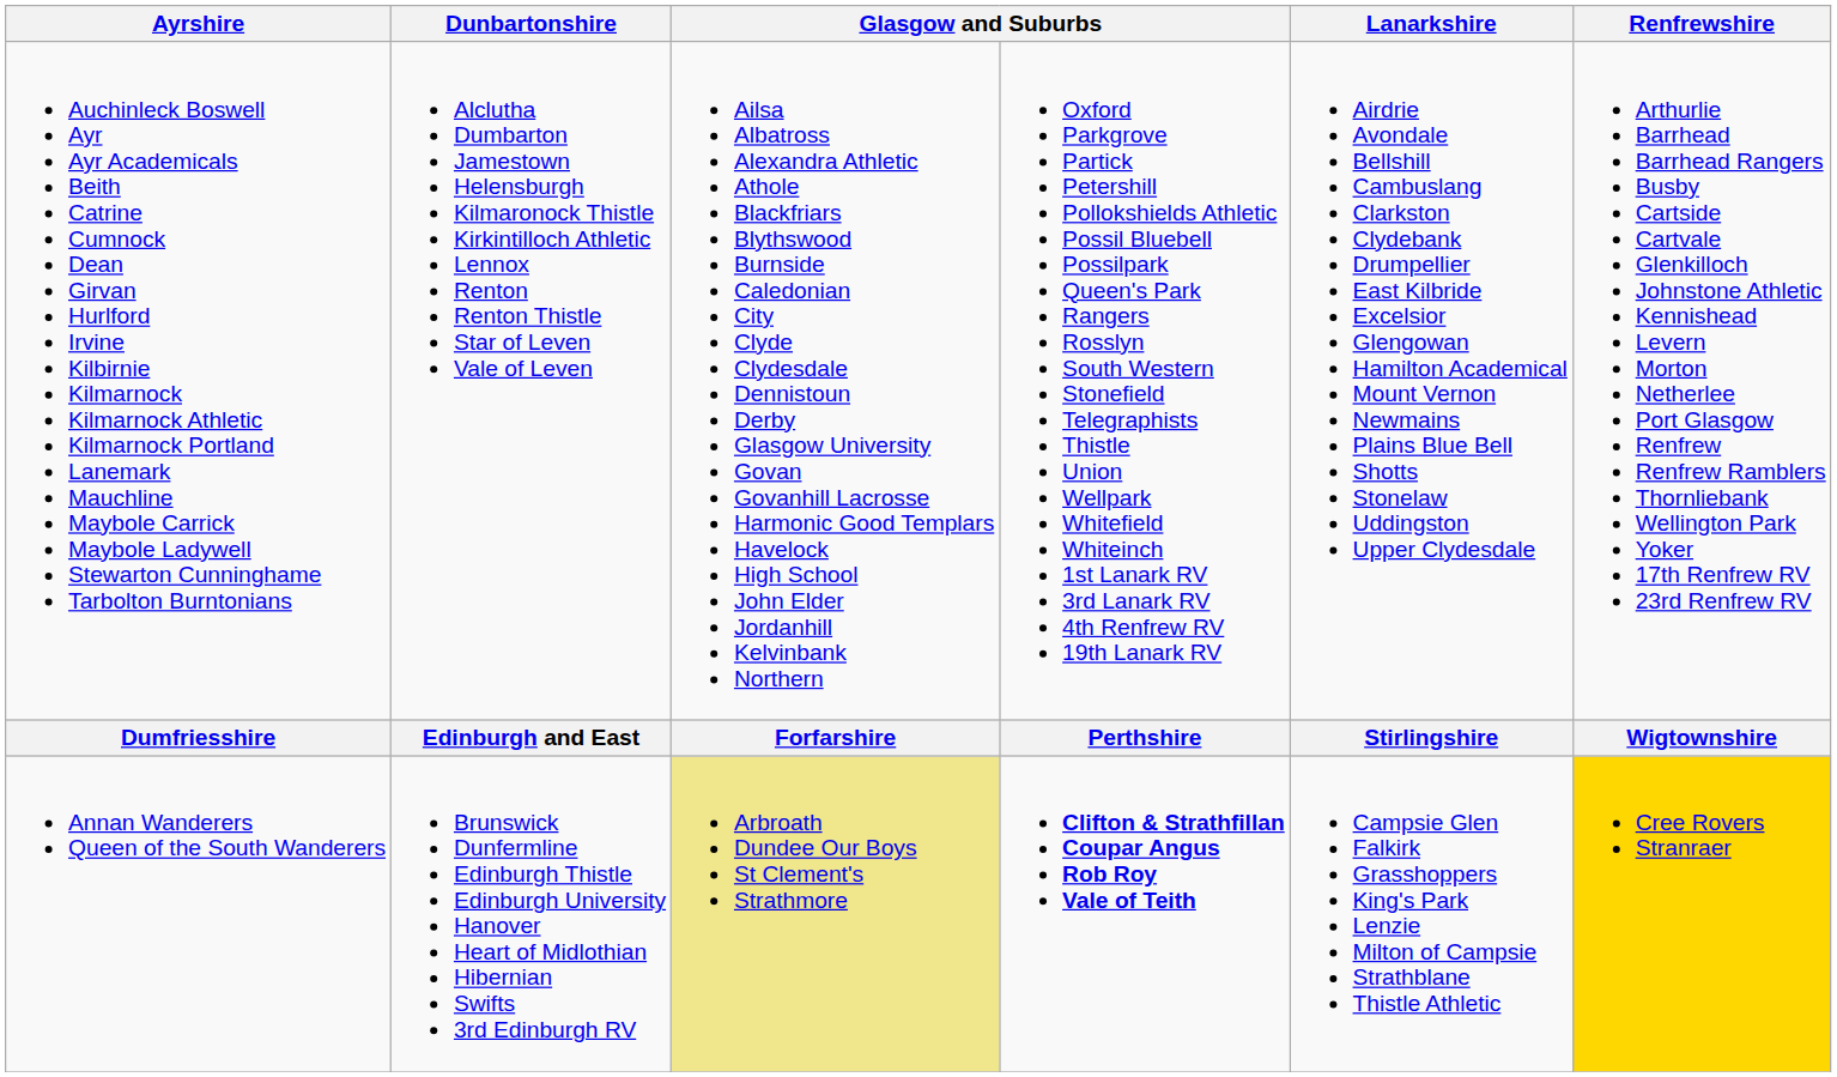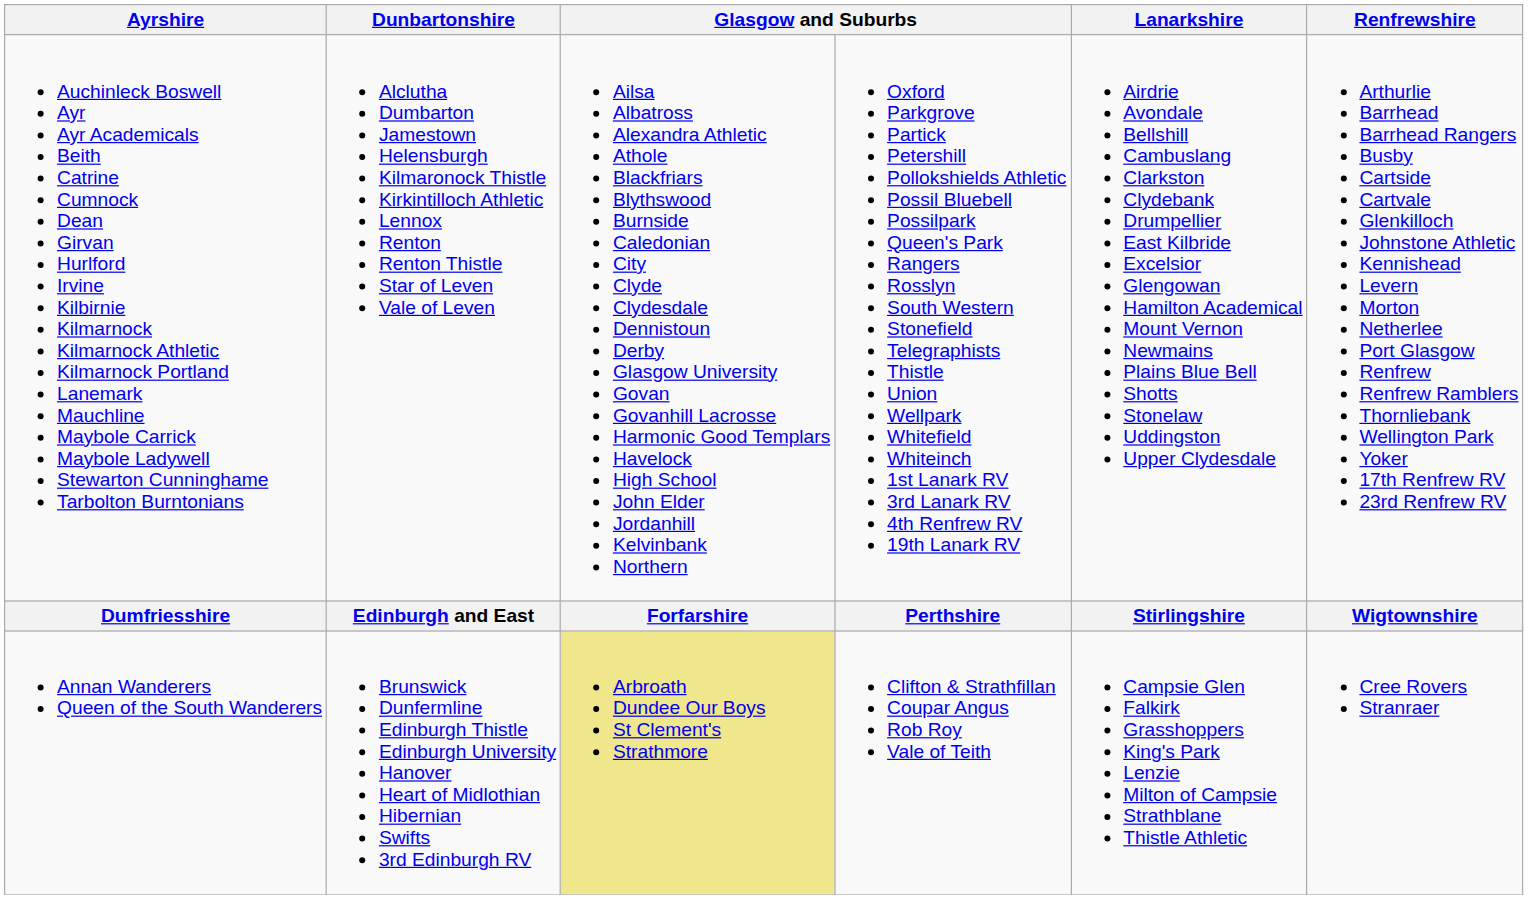 <table class="wikitable" style="text-align:left">
 <tr>
 <th><a href='#'>Ayrshire</a></th>
 <th><a href='#'>Dunbartonshire</a></th>
 <th colspan=2><a href='#'>Glasgow</a> and Suburbs</th>
 <th><a href='#'>Lanarkshire</a></th>
 <th><a href='#'>Renfrewshire</a></th>
 </tr>
 <tr>
 <td valign=top><br><ul><li><a href='#'>Auchinleck Boswell</a></li><li><a href='#'>Ayr</a></li><li><a href='#'>Ayr Academicals</a></li><li><a href='#'>Beith</a></li><li><a href='#'>Catrine</a></li><li><a href='#'>Cumnock</a></li><li><a href='#'>Dean</a></li><li><a href='#'>Girvan</a></li><li><a href='#'>Hurlford</a></li><li><a href='#'>Irvine</a></li><li><a href='#'>Kilbirnie</a></li><li><a href='#'>Kilmarnock</a></li><li><a href='#'>Kilmarnock Athletic</a></li><li><a href='#'>Kilmarnock Portland</a></li><li><a href='#'>Lanemark</a></li><li><a href='#'>Mauchline</a></li><li><a href='#'>Maybole Carrick</a></li><li><a href='#'>Maybole Ladywell</a></li><li><a href='#'>Stewarton Cunninghame</a></li><li><a href='#'>Tarbolton Burntonians</a></li></ul></td>
 <td valign=top><br><ul><li><a href='#'>Alclutha</a></li><li><a href='#'>Dumbarton</a></li><li><a href='#'>Jamestown</a></li><li><a href='#'>Helensburgh</a></li><li><a href='#'>Kilmaronock Thistle</a></li><li><a href='#'>Kirkintilloch Athletic</a></li><li><a href='#'>Lennox</a></li><li><a href='#'>Renton</a></li><li><a href='#'>Renton Thistle</a></li><li><a href='#'>Star of Leven</a></li><li><a href='#'>Vale of Leven</a></li></ul></td>
 <td valign=top><br><ul><li><a href='#'>Ailsa</a></li><li><a href='#'>Albatross</a></li><li><a href='#'>Alexandra Athletic</a></li><li><a href='#'>Athole</a></li><li><a href='#'>Blackfriars</a></li><li><a href='#'>Blythswood</a></li><li><a href='#'>Burnside</a></li><li><a href='#'>Caledonian</a></li><li><a href='#'>City</a></li><li><a href='#'>Clyde</a></li><li><a href='#'>Clydesdale</a></li><li><a href='#'>Dennistoun</a></li><li><a href='#'>Derby</a></li><li><a href='#'>Glasgow University</a></li><li><a href='#'>Govan</a></li><li><a href='#'>Govanhill Lacrosse</a></li><li><a href='#'>Harmonic Good Templars</a></li><li><a href='#'>Havelock</a></li><li><a href='#'>High School</a></li><li><a href='#'>John Elder</a></li><li><a href='#'>Jordanhill</a></li><li><a href='#'>Kelvinbank</a></li><li><a href='#'>Northern</a></li></ul></td>
 <td valign=top><br><ul><li><a href='#'>Oxford</a></li><li><a href='#'>Parkgrove</a></li><li><a href='#'>Partick</a></li><li><a href='#'>Petershill</a></li><li><a href='#'>Pollokshields Athletic</a></li><li><a href='#'>Possil Bluebell</a></li><li><a href='#'>Possilpark</a></li><li><a href='#'>Queen's Park</a></li><li><a href='#'>Rangers</a></li><li><a href='#'>Rosslyn</a></li><li><a href='#'>South Western</a></li><li><a href='#'>Stonefield</a></li><li><a href='#'>Telegraphists</a></li><li><a href='#'>Thistle</a></li><li><a href='#'>Union</a></li><li><a href='#'>Wellpark</a></li><li><a href='#'>Whitefield</a></li><li><a href='#'>Whiteinch</a></li><li><a href='#'>1st Lanark RV</a></li><li><a href='#'>3rd Lanark RV</a></li><li><a href='#'>4th Renfrew RV</a></li><li><a href='#'>19th Lanark RV</a></li></ul></td>
 <td valign=top><br><ul><li><a href='#'>Airdrie</a></li><li><a href='#'>Avondale</a></li><li><a href='#'>Bellshill</a></li><li><a href='#'>Cambuslang</a></li><li><a href='#'>Clarkston</a></li><li><a href='#'>Clydebank</a></li><li><a href='#'>Drumpellier</a></li><li><a href='#'>East Kilbride</a></li><li><a href='#'>Excelsior</a></li><li><a href='#'>Glengowan</a></li><li><a href='#'>Hamilton Academical</a></li><li><a href='#'>Mount Vernon</a></li><li><a href='#'>Newmains</a></li><li><a href='#'>Plains Blue Bell</a></li><li><a href='#'>Shotts</a></li><li><a href='#'>Stonelaw</a></li><li><a href='#'>Uddingston</a></li><li><a href='#'>Upper Clydesdale</a></li></ul></td>
 <td valign=top><br><ul><li><a href='#'>Arthurlie</a></li><li><a href='#'>Barrhead</a></li><li><a href='#'>Barrhead Rangers</a></li><li><a href='#'>Busby</a></li><li><a href='#'>Cartside</a></li><li><a href='#'>Cartvale</a></li><li><a href='#'>Glenkilloch</a></li><li><a href='#'>Johnstone Athletic</a></li><li><a href='#'>Kennishead</a></li><li><a href='#'>Levern</a></li><li><a href='#'>Morton</a></li><li><a href='#'>Netherlee</a></li><li><a href='#'>Port Glasgow</a></li><li><a href='#'>Renfrew</a></li><li><a href='#'>Renfrew Ramblers</a></li><li><a href='#'>Thornliebank</a></li><li><a href='#'>Wellington Park</a></li><li><a href='#'>Yoker</a></li><li><a href='#'>17th Renfrew RV</a></li><li><a href='#'>23rd Renfrew RV</a></li></ul></td>
 </tr>
 <tr>
 <th><a href='#'>Dumfriesshire</a></th>
 <th><a href='#'>Edinburgh</a> and East</th>
 <th><a href='#'>Forfarshire</a></th>
 <th><a href='#'>Perthshire</a></th>
 <th><a href='#'>Stirlingshire</a></th>
 <th><a href='#'>Wigtownshire</a></th>
 </tr>
 <tr>
 <td valign=top><br><ul><li><a href='#'>Annan Wanderers</a></li><li><a href='#'>Queen of the South Wanderers</a></li></ul></td>
 <td valign=top><br><ul><li><a href='#'>Brunswick</a></li><li><a href='#'>Dunfermline</a></li><li><a href='#'>Edinburgh Thistle</a></li><li><a href='#'>Edinburgh University</a></li><li><a href='#'>Hanover</a></li><li><a href='#'>Heart of Midlothian</a></li><li><a href='#'>Hibernian</a></li><li><a href='#'>Swifts</a></li><li><a href='#'>3rd Edinburgh RV</a></li></ul></td>
 <td valign=top style="background: khaki;"><br><ul><li><a href='#'>Arbroath</a></li><li><a href='#'>Dundee Our Boys</a></li><li><a href='#'>St Clement's</a></li><li><a href='#'>Strathmore</a></li></ul></td>
-<td valign=top><strong><br><ul><li><a href='#'>Clifton & Strathfillan</a></li><li><a href='#'>Coupar Angus</a></li><li><a href='#'>Rob Roy</a></li><li><a href='#'>Vale of Teith</a></li></ul></strong></td>
+<td valign=top><br><ul><li><a href='#'>Clifton & Strathfillan</a></li><li><a href='#'>Coupar Angus</a></li><li><a href='#'>Rob Roy</a></li><li><a href='#'>Vale of Teith</a></li></ul></td>
 <td valign=top><br><ul><li><a href='#'>Campsie Glen</a></li><li><a href='#'>Falkirk</a></li><li><a href='#'>Grasshoppers</a></li><li><a href='#'>King's Park</a></li><li><a href='#'>Lenzie</a></li><li><a href='#'>Milton of Campsie</a></li><li><a href='#'>Strathblane</a></li><li><a href='#'>Thistle Athletic</a></li></ul></td>
-<td valign=top style="background: gold;"><br><ul><li><a href='#'>Cree Rovers</a></li><li><a href='#'>Stranraer</a></li></ul></td>
+<td valign=top><br><ul><li><a href='#'>Cree Rovers</a></li><li><a href='#'>Stranraer</a></li></ul></td>
 </tr>
 </table>
